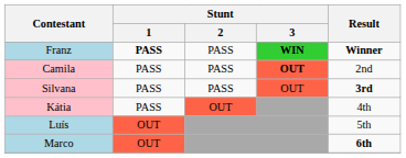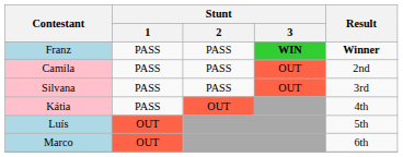 <table class="wikitable" style="font-size:90%; width:40%; text-align: center;">
 <tr>
 <th width="10%" rowspan=2>Contestant</th>
 <th width="24%" colspan=3>Stunt</th>
 <th width="06%" rowspan=2>Result</th>
 </tr>
 <tr>
 <th width="08%">1</th>
 <th width="08%">2</th>
 <th width="08%">3</th>
 </tr>
 <tr>
 <td bgcolor="ADD8E6">Franz</td>
-<td><strong>PASS</strong></td>
+<td>PASS</td>
 <td>PASS</td>
 <td bgcolor="32CD32"><strong>WIN</strong></td>
 <td><strong>Winner</strong></td>
 </tr>
 <tr>
 <td bgcolor="FFC0CB">Camila</td>
 <td>PASS</td>
 <td>PASS</td>
-<td bgcolor="FF6347"><strong>OUT</strong></td>
+<td bgcolor="FF6347">OUT</td>
 <td>2nd</td>
 </tr>
 <tr>
 <td bgcolor="FFC0CB">Silvana</td>
 <td>PASS</td>
 <td>PASS</td>
 <td bgcolor="FF6347">OUT</td>
-<td><strong>3rd</strong></td>
+<td>3rd</td>
 </tr>
 <tr>
 <td bgcolor="FFC0CB">Kátia</td>
 <td>PASS</td>
 <td bgcolor="FF6347">OUT</td>
 <td bgcolor="A9A9A9"></td>
 <td>4th</td>
 </tr>
 <tr>
 <td bgcolor="ADD8E6">Luís</td>
 <td bgcolor="FF6347">OUT</td>
 <td bgcolor="A9A9A9" colspan=2></td>
 <td>5th</td>
 </tr>
 <tr>
 <td bgcolor="ADD8E6">Marco</td>
 <td bgcolor="FF6347">OUT</td>
 <td bgcolor="A9A9A9" colspan=2></td>
-<td><strong>6th</strong></td>
+<td>6th</td>
 </tr>
 <tr>
 </tr>
 </table>
